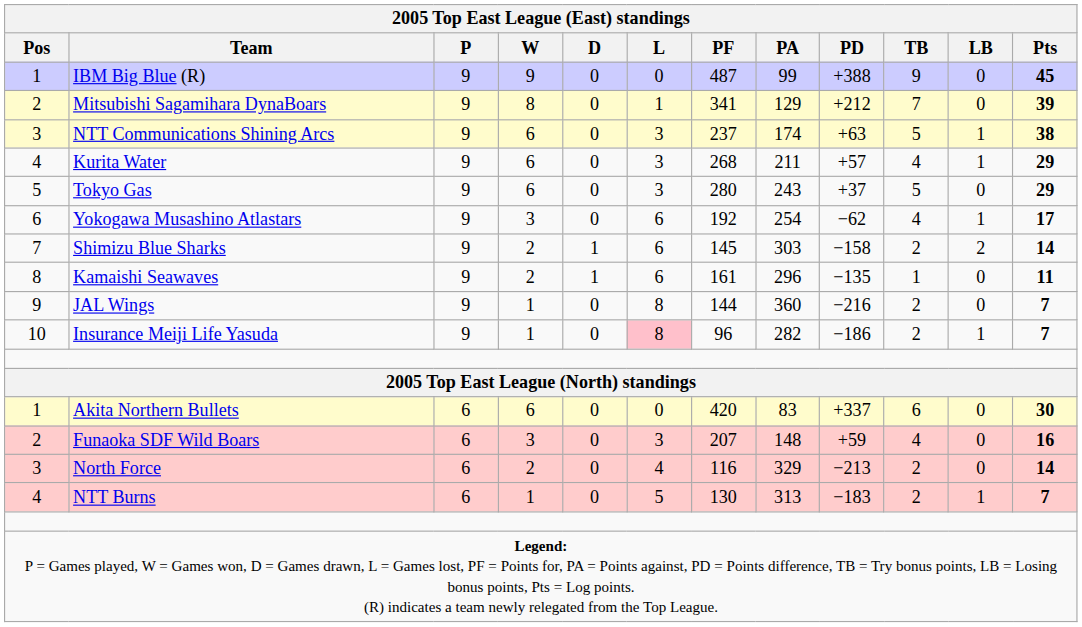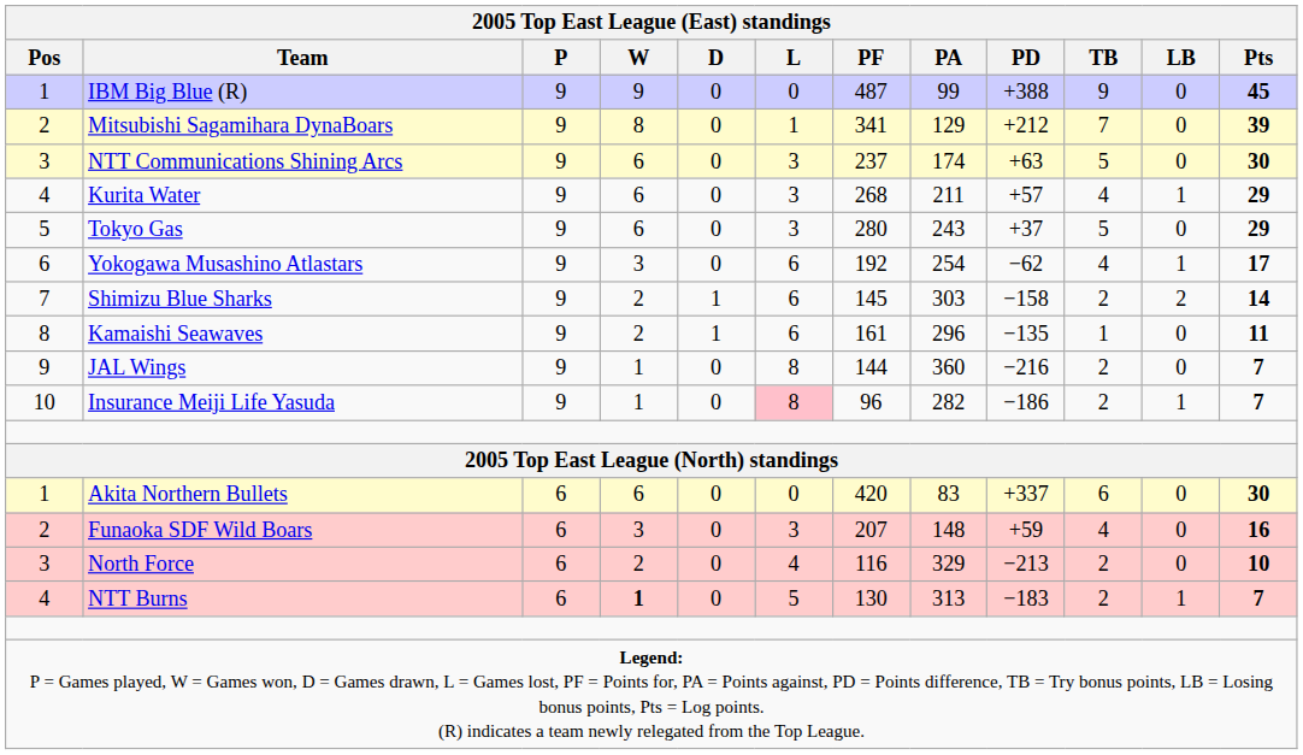 <table class="wikitable" style="text-align:center; font-size:100%; width:60%;">
 <tr>
 <th colspan="100%" cellpadding="0" cellspacing="0"><strong>2005 Top East League (East) standings</strong></th>
 </tr>
 <tr>
 <th style="width:6%;">Pos</th>
 <th style="width:34%;">Team</th>
 <th style="width:6%;">P</th>
 <th style="width:6%;">W</th>
 <th style="width:6%;">D</th>
 <th style="width:6%;">L</th>
 <th style="width:6%;">PF</th>
 <th style="width:6%;">PA</th>
 <th style="width:6%;">PD</th>
 <th style="width:6%;">TB</th>
 <th style="width:6%;">LB</th>
 <th style="width:6%;">Pts<br></th>
 </tr>
 <tr style="background:#CCCCFF;">
 <td>1</td>
 <td style="text-align:left;"><a href='#'>IBM Big Blue</a> (R)</td>
 <td>9</td>
 <td>9</td>
 <td>0</td>
 <td>0</td>
 <td>487</td>
 <td>99</td>
 <td>+388</td>
 <td>9</td>
 <td>0</td>
 <td><strong>45</strong></td>
 </tr>
 <tr style="background:#FFFCCC;">
 <td>2</td>
 <td style="text-align:left;"><a href='#'>Mitsubishi Sagamihara DynaBoars</a></td>
 <td>9</td>
 <td>8</td>
 <td>0</td>
 <td>1</td>
 <td>341</td>
 <td>129</td>
 <td>+212</td>
 <td>7</td>
 <td>0</td>
 <td><strong>39</strong></td>
 </tr>
 <tr style="background:#FFFCCC;">
 <td>3</td>
 <td style="text-align:left;"><a href='#'>NTT Communications Shining Arcs</a></td>
 <td>9</td>
 <td>6</td>
 <td>0</td>
 <td>3</td>
 <td>237</td>
 <td>174</td>
 <td>+63</td>
 <td>5</td>
-<td>1</td>
-<td><strong>38</strong></td>
+<td>0</td>
+<td><strong>30</strong></td>
 </tr>
 <tr>
 <td>4</td>
 <td style="text-align:left;"><a href='#'>Kurita Water</a></td>
 <td>9</td>
 <td>6</td>
 <td>0</td>
 <td>3</td>
 <td>268</td>
 <td>211</td>
 <td>+57</td>
 <td>4</td>
 <td>1</td>
 <td><strong>29</strong></td>
 </tr>
 <tr>
 <td>5</td>
 <td style="text-align:left;"><a href='#'>Tokyo Gas</a></td>
 <td>9</td>
 <td>6</td>
 <td>0</td>
 <td>3</td>
 <td>280</td>
 <td>243</td>
 <td>+37</td>
 <td>5</td>
 <td>0</td>
 <td><strong>29</strong></td>
 </tr>
 <tr>
 <td>6</td>
 <td style="text-align:left;"><a href='#'>Yokogawa Musashino Atlastars</a></td>
 <td>9</td>
 <td>3</td>
 <td>0</td>
 <td>6</td>
 <td>192</td>
 <td>254</td>
 <td>−62</td>
 <td>4</td>
 <td>1</td>
 <td><strong>17</strong></td>
 </tr>
 <tr>
 <td>7</td>
 <td style="text-align:left;"><a href='#'>Shimizu Blue Sharks</a></td>
 <td>9</td>
 <td>2</td>
 <td>1</td>
 <td>6</td>
 <td>145</td>
 <td>303</td>
 <td>−158</td>
 <td>2</td>
 <td>2</td>
 <td><strong>14</strong></td>
 </tr>
 <tr>
 <td>8</td>
 <td style="text-align:left;"><a href='#'>Kamaishi Seawaves</a></td>
 <td>9</td>
 <td>2</td>
 <td>1</td>
 <td>6</td>
 <td>161</td>
 <td>296</td>
 <td>−135</td>
 <td>1</td>
 <td>0</td>
 <td><strong>11</strong></td>
 </tr>
 <tr>
 <td>9</td>
 <td style="text-align:left;"><a href='#'>JAL Wings</a></td>
 <td>9</td>
 <td>1</td>
 <td>0</td>
 <td>8</td>
 <td>144</td>
 <td>360</td>
 <td>−216</td>
 <td>2</td>
 <td>0</td>
 <td><strong>7</strong></td>
 </tr>
 <tr>
 <td>10</td>
 <td style="text-align:left;"><a href='#'>Insurance Meiji Life Yasuda</a></td>
 <td>9</td>
 <td>1</td>
 <td>0</td>
 <td style="background: pink;">8</td>
 <td>96</td>
 <td>282</td>
 <td>−186</td>
 <td>2</td>
 <td>1</td>
 <td><strong>7</strong></td>
 </tr>
 <tr>
 <td colspan="100%" style="height:10px;"></td>
 </tr>
 <tr>
 <th colspan="100%" cellpadding="0" cellspacing="0"><strong>2005 Top East League (North) standings</strong></th>
 </tr>
 <tr style="background:#FFFCCC;">
 <td>1</td>
 <td style="text-align:left;"><a href='#'>Akita Northern Bullets</a></td>
 <td>6</td>
 <td>6</td>
 <td>0</td>
 <td>0</td>
 <td>420</td>
 <td>83</td>
 <td>+337</td>
 <td>6</td>
 <td>0</td>
 <td><strong>30</strong></td>
 </tr>
 <tr style="background:#FFCCCC;">
 <td>2</td>
 <td style="text-align:left;"><a href='#'>Funaoka SDF Wild Boars</a></td>
 <td>6</td>
 <td>3</td>
 <td>0</td>
 <td>3</td>
 <td>207</td>
 <td>148</td>
 <td>+59</td>
 <td>4</td>
 <td>0</td>
 <td><strong>16</strong></td>
 </tr>
 <tr style="background:#FFCCCC;">
 <td>3</td>
 <td style="text-align:left;"><a href='#'>North Force</a></td>
 <td>6</td>
 <td>2</td>
 <td>0</td>
 <td>4</td>
 <td>116</td>
 <td>329</td>
 <td>−213</td>
 <td>2</td>
 <td>0</td>
-<td><strong>14</strong></td>
+<td><strong>10</strong></td>
 </tr>
 <tr style="background:#FFCCCC;">
 <td>4</td>
 <td style="text-align:left;"><a href='#'>NTT Burns</a></td>
 <td>6</td>
-<td>1</td>
+<td><strong>1</strong></td>
 <td>0</td>
 <td>5</td>
 <td>130</td>
 <td>313</td>
 <td>−183</td>
 <td>2</td>
 <td>1</td>
 <td><strong>7</strong></td>
 </tr>
 <tr>
 <td colspan="100%" style="height:10px;"></td>
 </tr>
 <tr>
 <td colspan="100%"><small><strong>Legend:</strong> <br> P = Games played, W = Games won, D = Games drawn, L = Games lost, PF = Points for, PA = Points against, PD = Points difference, TB = Try bonus points, LB = Losing bonus points, Pts = Log points. <br> (R) indicates a team newly relegated from the Top League.</small></td>
 </tr>
 </table>
